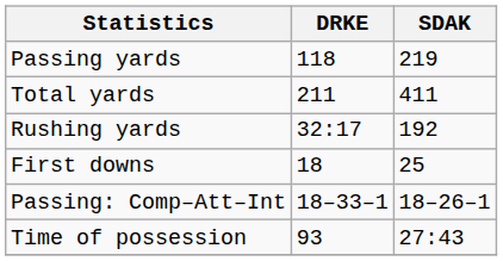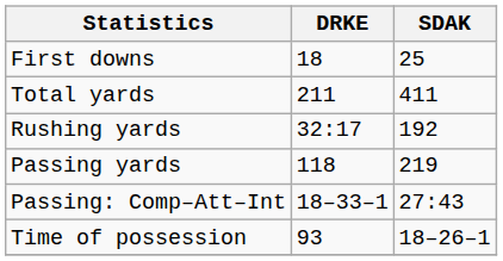 <table class="wikitable" style="float: left;">
 <tr>
 <th>Statistics</th>
 <th>DRKE</th>
 <th>SDAK</th>
 </tr>
 <tr>
-<td>Passing yards</td>
-<td>118</td>
-<td>219</td>
+<td>First downs</td>
+<td>18</td>
+<td>25</td>
 </tr>
 <tr>
 <td>Total yards</td>
 <td>211</td>
 <td>411</td>
 </tr>
 <tr>
 <td>Rushing yards</td>
 <td>32:17</td>
 <td>192</td>
 </tr>
 <tr>
-<td>First downs</td>
-<td>18</td>
-<td>25</td>
+<td>Passing yards</td>
+<td>118</td>
+<td>219</td>
 </tr>
 <tr>
 <td>Passing: Comp–Att–Int</td>
 <td>18–33–1</td>
-<td>18–26–1</td>
+<td>27:43</td>
 </tr>
 <tr>
 <td>Time of possession</td>
 <td>93</td>
-<td>27:43</td>
+<td>18–26–1</td>
 </tr>
 <tr>
 </tr>
 </table>
